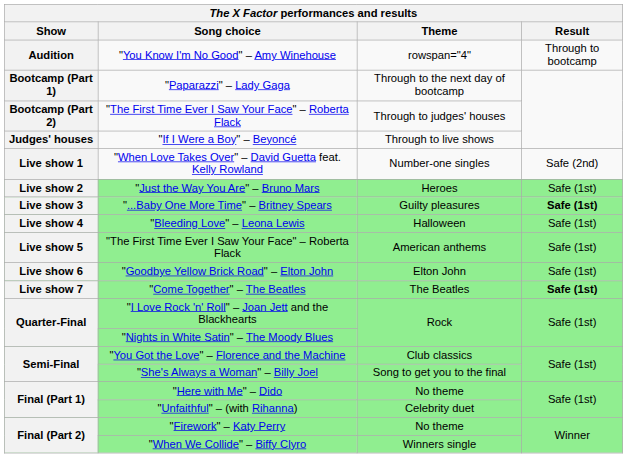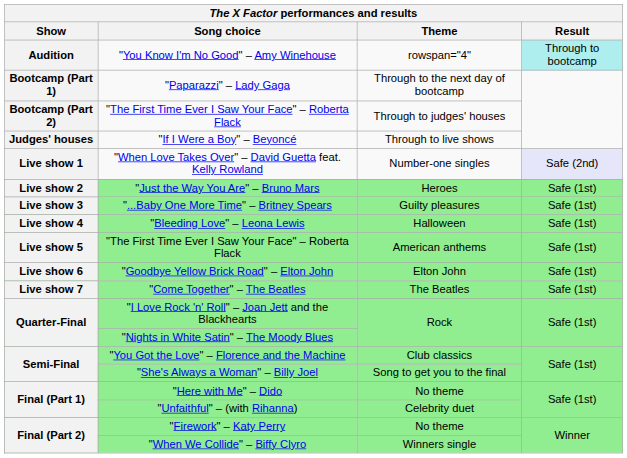 <table class="wikitable collapsible collapsed" style="margin:1em auto 1em auto; text-align:center;">
 <tr>
 <th colspan="4"><em>The X Factor</em> performances and results</th>
 </tr>
 <tr>
 <th style="text-align:centre;">Show</th>
 <th style="text-align:centre;">Song choice</th>
 <th style="text-align:centre;">Theme</th>
 <th style="text-align:centre;">Result</th>
 </tr>
 <tr>
 <th>Audition</th>
 <td>"<a href='#'>You Know I'm No Good</a>" – <a href='#'>Amy Winehouse</a></td>
 <td>rowspan="4" </td>
-<td>Through to bootcamp</td>
+<td style="background: paleturquoise;">Through to bootcamp</td>
 </tr>
 <tr>
 <th>Bootcamp (Part 1)</th>
 <td>"<a href='#'>Paparazzi</a>" – <a href='#'>Lady Gaga</a></td>
 <td>Through to the next day of bootcamp</td>
 </tr>
 <tr>
 <th>Bootcamp (Part 2)</th>
 <td>"<a href='#'>The First Time Ever I Saw Your Face</a>" – <a href='#'>Roberta Flack</a></td>
 <td>Through to judges' houses</td>
 </tr>
 <tr>
 <th>Judges' houses</th>
 <td>"<a href='#'>If I Were a Boy</a>" – <a href='#'>Beyoncé</a></td>
 <td>Through to live shows</td>
 </tr>
 <tr>
 <th>Live show 1</th>
 <td>"<a href='#'>When Love Takes Over</a>" – <a href='#'>David Guetta</a> feat. <a href='#'>Kelly Rowland</a></td>
 <td>Number-one singles</td>
-<td>Safe (2nd)</td>
+<td style="background: lavender;">Safe (2nd)</td>
 </tr>
 <tr style="background:lightgreen;">
 <th>Live show 2</th>
 <td>"<a href='#'>Just the Way You Are</a>" – <a href='#'>Bruno Mars</a></td>
 <td>Heroes</td>
 <td>Safe (1st)</td>
 </tr>
 <tr style="background:lightgreen;">
 <th>Live show 3</th>
 <td>"<a href='#'>...Baby One More Time</a>" – <a href='#'>Britney Spears</a></td>
 <td>Guilty pleasures</td>
-<td><strong>Safe (1st)</strong></td>
+<td>Safe (1st)</td>
 </tr>
 <tr style="background:lightgreen;">
 <th>Live show 4</th>
 <td>"<a href='#'>Bleeding Love</a>" – <a href='#'>Leona Lewis</a></td>
 <td>Halloween</td>
 <td>Safe (1st)</td>
 </tr>
 <tr style="background:lightgreen;">
 <th>Live show 5</th>
 <td>"The First Time Ever I Saw Your Face" – Roberta Flack</td>
 <td>American anthems</td>
 <td>Safe (1st)</td>
 </tr>
 <tr style="background:lightgreen;">
 <th>Live show 6</th>
 <td>"<a href='#'>Goodbye Yellow Brick Road</a>" – <a href='#'>Elton John</a></td>
 <td>Elton John</td>
 <td>Safe (1st)</td>
 </tr>
 <tr style="background:lightgreen;">
 <th>Live show 7</th>
 <td>"<a href='#'>Come Together</a>" – <a href='#'>The Beatles</a></td>
 <td>The Beatles</td>
-<td><strong>Safe (1st)</strong></td>
+<td>Safe (1st)</td>
 </tr>
 <tr style="background:lightgreen;">
 <th rowspan="2">Quarter-Final</th>
 <td>"<a href='#'>I Love Rock 'n' Roll</a>" – <a href='#'>Joan Jett</a> and the Blackhearts</td>
 <td rowspan="2">Rock</td>
 <td rowspan="2">Safe (1st)</td>
 </tr>
 <tr style="background:lightgreen;">
 <td>"<a href='#'>Nights in White Satin</a>" – <a href='#'>The Moody Blues</a></td>
 </tr>
 <tr style="background:lightgreen;">
 <th rowspan="2">Semi-Final</th>
 <td>"<a href='#'>You Got the Love</a>" – <a href='#'>Florence and the Machine</a></td>
 <td>Club classics</td>
 <td rowspan="2">Safe (1st)</td>
 </tr>
 <tr style="background:lightgreen;">
 <td>"<a href='#'>She's Always a Woman</a>" – <a href='#'>Billy Joel</a></td>
 <td>Song to get you to the final</td>
 </tr>
 <tr style="background:lightgreen;">
 <th rowspan="2">Final (Part 1)</th>
 <td>"<a href='#'>Here with Me</a>" – <a href='#'>Dido</a></td>
 <td>No theme</td>
 <td rowspan="2">Safe (1st)</td>
 </tr>
 <tr style="background:lightgreen;">
 <td>"<a href='#'>Unfaithful</a>" – (with <a href='#'>Rihanna</a>)</td>
 <td>Celebrity duet</td>
 </tr>
 <tr style="background:lightgreen;">
 <th rowspan="2">Final (Part 2)</th>
 <td>"<a href='#'>Firework</a>" – <a href='#'>Katy Perry</a></td>
 <td>No theme</td>
 <td rowspan="2">Winner</td>
 </tr>
 <tr style="background:lightgreen;">
 <td>"<a href='#'>When We Collide</a>" – <a href='#'>Biffy Clyro</a></td>
 <td>Winners single</td>
 </tr>
 </table>
